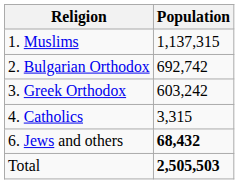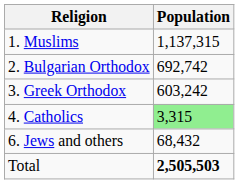 <table class="wikitable">
 <tr>
 <th>Religion</th>
 <th>Population</th>
 </tr>
 <tr>
 <td>1. <a href='#'>Muslims</a></td>
 <td>1,137,315</td>
 </tr>
 <tr>
 <td>2. <a href='#'>Bulgarian Orthodox</a></td>
 <td>692,742</td>
 </tr>
 <tr>
 <td>3. <a href='#'>Greek Orthodox</a></td>
 <td>603,242</td>
 </tr>
 <tr>
 <td>4. <a href='#'>Catholics</a></td>
-<td>3,315</td>
+<td style="background: lightgreen;">3,315</td>
 </tr>
 <tr>
 <td>6. <a href='#'>Jews</a> and others</td>
-<td><strong>68,432</strong></td>
+<td>68,432</td>
 </tr>
 <tr>
 <td>Total</td>
 <td><strong>2,505,503</strong></td>
 </tr>
 </table>
